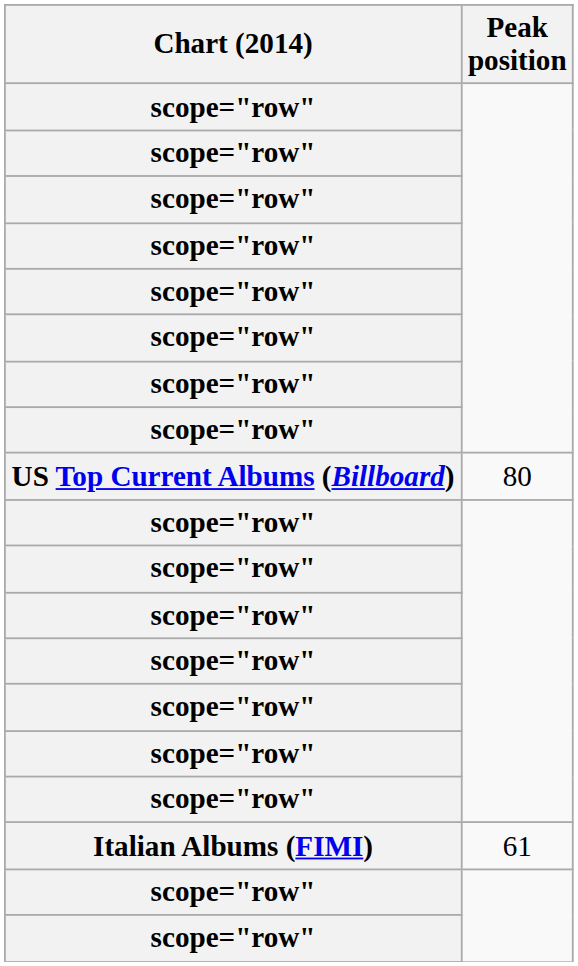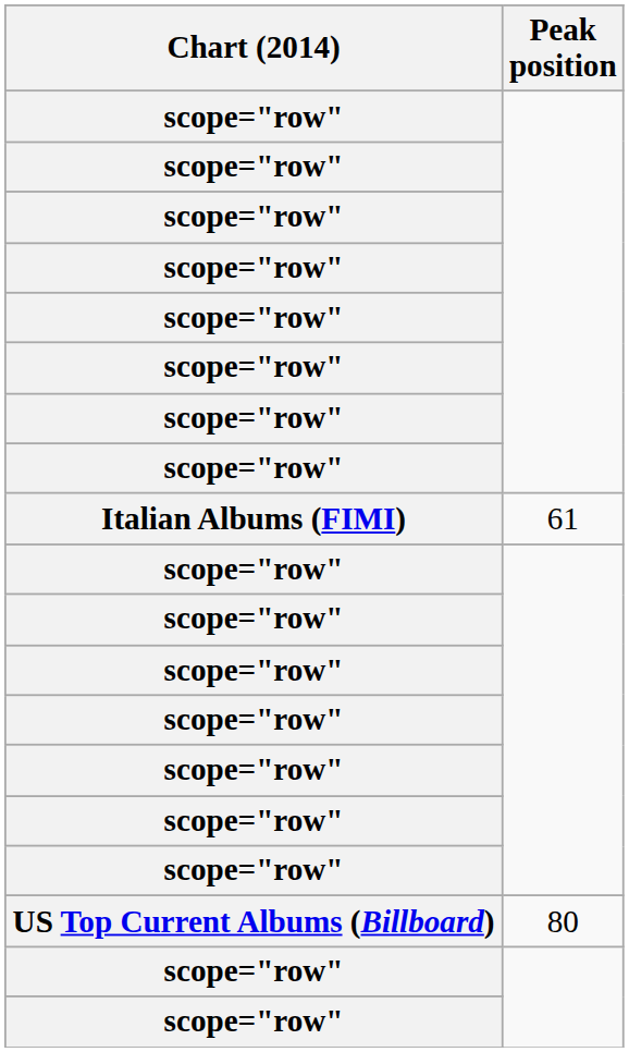 <table class="wikitable sortable plainrowheaders">
 <tr>
 <th>Chart (2014)</th>
 <th>Peak<br>position</th>
 </tr>
 <tr>
 <th>scope="row" </th>
+</tr>
+<tr>
+<th>scope="row" </th>
+</tr>
+<tr>
+<th>scope="row" </th>
+</tr>
+<tr>
+<th>scope="row" </th>
+</tr>
+<tr>
+<th>scope="row" </th>
+</tr>
+<tr>
+<th>scope="row" </th>
+</tr>
+<tr>
+<th>scope="row" </th>
+</tr>
+<tr>
+<th>scope="row" </th>
+</tr>
+<tr>
+<th scope="row">Italian Albums (<a href='#'>FIMI</a>)</th>
+<td align=center>61</td>
 </tr>
 <tr>
 <th>scope="row" </th>
 </tr>
 <tr>
 <th>scope="row" </th>
 </tr>
 <tr>
 <th>scope="row" </th>
 </tr>
 <tr>
 <th>scope="row" </th>
 </tr>
 <tr>
 <th>scope="row" </th>
 </tr>
 <tr>
 <th>scope="row" </th>
 </tr>
 <tr>
 <th>scope="row" </th>
 </tr>
 <tr>
 <th scope="row">US <a href='#'>Top Current Albums</a> (<em><a href='#'>Billboard</a></em>)</th>
 <td align=center>80</td>
 </tr>
 <tr>
 <th>scope="row" </th>
 </tr>
 <tr>
 <th>scope="row" </th>
 </tr>
 <tr>
-<th>scope="row" </th>
-</tr>
-<tr>
-<th>scope="row" </th>
-</tr>
-<tr>
-<th>scope="row" </th>
-</tr>
-<tr>
-<th>scope="row" </th>
-</tr>
-<tr>
-<th>scope="row" </th>
-</tr>
-<tr>
-<th scope="row">Italian Albums (<a href='#'>FIMI</a>)</th>
-<td align=center>61</td>
-</tr>
-<tr>
-<th>scope="row" </th>
-</tr>
-<tr>
-<th>scope="row" </th>
-</tr>
-<tr>
 </tr>
 </table>
